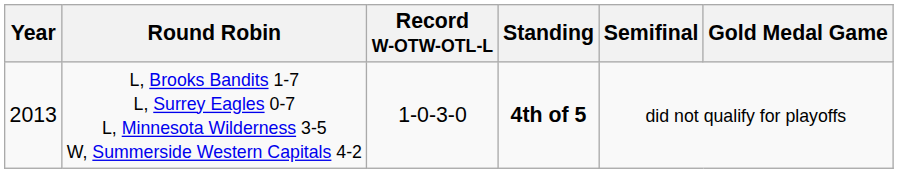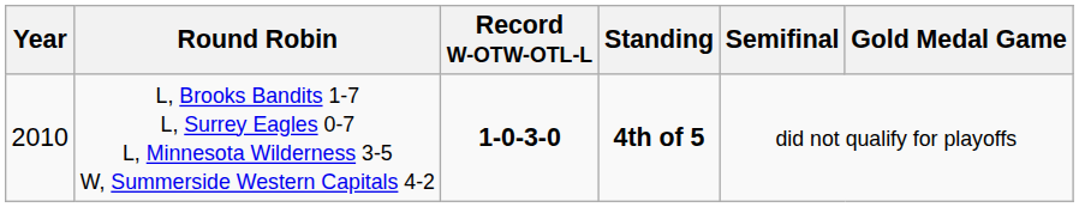 <table class="wikitable" style="text-align:center;">
 <tr>
 <th>Year</th>
 <th>Round Robin</th>
 <th>Record<br><small>W-OTW-OTL-L</small></th>
 <th>Standing</th>
 <th>Semifinal</th>
 <th>Gold Medal Game</th>
 </tr>
 <tr>
-<td>2013</td>
+<td>2010</td>
 <td><small>L, <a href='#'>Brooks Bandits</a> 1-7<br>L, <a href='#'>Surrey Eagles</a> 0-7<br>L, <a href='#'>Minnesota Wilderness</a> 3-5<br>W, <a href='#'>Summerside Western Capitals</a> 4-2</small></td>
-<td>1-0-3-0</td>
+<td><strong>1-0-3-0</strong></td>
 <td><strong>4th of 5</strong></td>
 <td colspan=2><small>  did not qualify for playoffs </small></td>
 </tr>
 </table>
